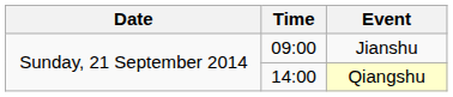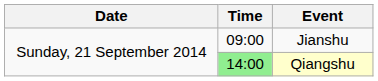 <table class = "wikitable" style="text-align:center;">
 <tr>
 <th width=220>Date</th>
 <th width=50>Time</th>
 <th width=100>Event</th>
 </tr>
 <tr>
 <td rowspan=2>Sunday, 21 September 2014</td>
 <td>09:00</td>
 <td>Jianshu</td>
 </tr>
 <tr>
-<td>14:00</td>
+<td style="background: lightgreen;">14:00</td>
 <td bgcolor=ffffcc>Qiangshu</td>
 </tr>
 </table>
